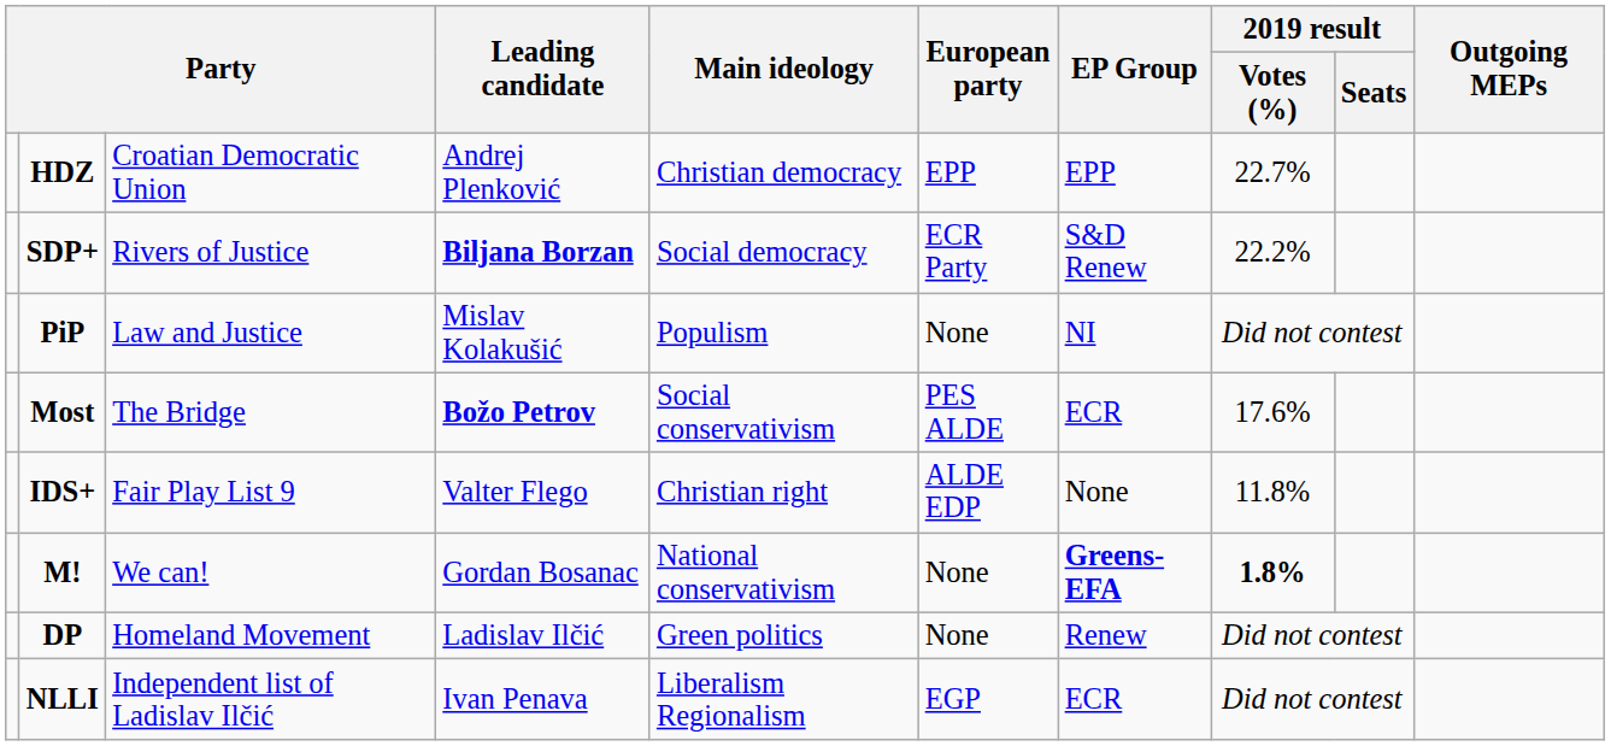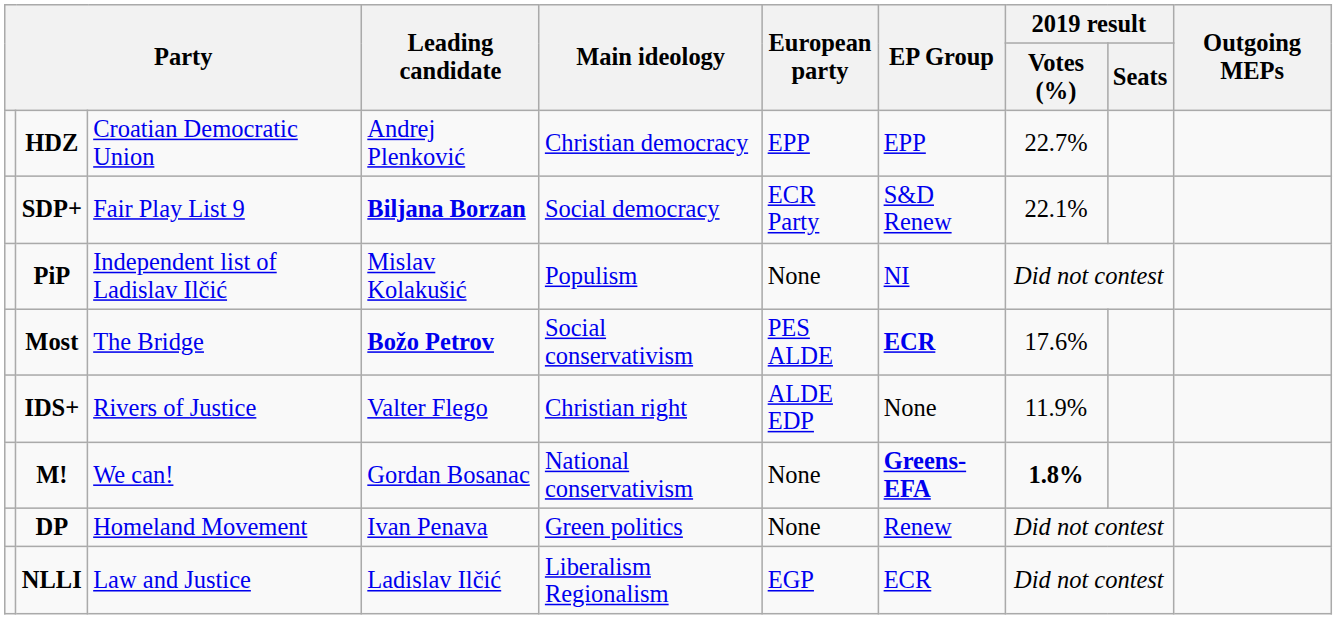 <table class=wikitable style=text-align:left>
 <tr>
 <th rowspan="2" colspan="3">Party</th>
 <th rowspan="2">Leading candidate</th>
 <th rowspan="2">Main ideology</th>
 <th rowspan="2">European<br>party</th>
 <th rowspan="2">EP Group</th>
 <th colspan="2">2019 result</th>
 <th rowspan="2">Outgoing MEPs</th>
 </tr>
 <tr>
 <th>Votes (%)</th>
 <th>Seats</th>
 </tr>
 <tr>
 <td style="background:"></td>
 <td style="text-align:center;"><strong>HDZ</strong></td>
 <td><a href='#'>Croatian Democratic Union</a></td>
 <td><a href='#'>Andrej Plenković</a></td>
 <td><a href='#'>Christian democracy</a></td>
 <td><a href='#'>EPP</a></td>
 <td><a href='#'>EPP</a></td>
 <td style="text-align:center;">22.7%</td>
 <td></td>
 <td></td>
 </tr>
 <tr>
 <td style="background:"></td>
 <td style="text-align:center;"><strong>SDP+</strong></td>
-<td><a href='#'>Rivers of Justice</a><br></td>
+<td><a href='#'>Fair Play List 9</a><br></td>
 <td><strong><a href='#'>Biljana Borzan</a></strong></td>
 <td><a href='#'>Social democracy</a></td>
 <td><a href='#'>ECR Party</a></td>
 <td><a href='#'>S&D</a><br><a href='#'>Renew</a></td>
-<td style="text-align:center;">22.2%</td>
+<td style="text-align:center;">22.1%</td>
 <td></td>
 <td></td>
 </tr>
 <tr>
 <td style="background:"></td>
 <td style="text-align:center;"><strong>PiP</strong></td>
-<td><a href='#'>Law and Justice</a></td>
+<td><a href='#'>Independent list of Ladislav Ilčić</a></td>
 <td><a href='#'>Mislav Kolakušić</a></td>
 <td><a href='#'>Populism</a></td>
 <td>None</td>
 <td><a href='#'>NI</a></td>
 <td colspan="2" align="center"><em>Did not contest</em></td>
 <td></td>
 </tr>
 <tr>
 <td style="background:"></td>
 <td style="text-align:center;"><strong>Most</strong></td>
 <td><a href='#'>The Bridge</a><br></td>
 <td><strong><a href='#'>Božo Petrov</a></strong></td>
 <td><a href='#'>Social conservativism</a></td>
 <td><a href='#'>PES</a><br><a href='#'>ALDE</a></td>
-<td><a href='#'>ECR</a></td>
+<td><strong><a href='#'>ECR</a></strong></td>
 <td style="text-align:center;">17.6%</td>
 <td></td>
 <td></td>
 </tr>
 <tr>
 <td style="background:"></td>
 <td style="text-align:center;"><strong>IDS+</strong></td>
-<td><a href='#'>Fair Play List 9</a><br></td>
+<td><a href='#'>Rivers of Justice</a><br></td>
 <td><a href='#'>Valter Flego</a></td>
 <td><a href='#'>Christian right</a></td>
 <td><a href='#'>ALDE</a><br><a href='#'>EDP</a></td>
 <td>None</td>
-<td style="text-align:center;">11.8%</td>
+<td style="text-align:center;">11.9%</td>
 <td></td>
 <td></td>
 </tr>
 <tr>
 <td style="background:"></td>
 <td style="text-align:center;"><strong>M!</strong></td>
 <td><a href='#'>We can!</a></td>
 <td><a href='#'>Gordan Bosanac</a></td>
 <td><a href='#'>National conservativism</a></td>
 <td>None</td>
 <td><strong><a href='#'>Greens-EFA</a></strong></td>
 <td style="text-align:center;"><strong>1.8%</strong></td>
 <td></td>
 <td></td>
 </tr>
 <tr>
 <td style="background:"></td>
 <td style="text-align:center;"><strong>DP</strong></td>
 <td><a href='#'>Homeland Movement</a></td>
-<td><a href='#'>Ladislav Ilčić</a></td>
+<td><a href='#'>Ivan Penava</a></td>
 <td><a href='#'>Green politics</a></td>
 <td>None</td>
 <td><a href='#'>Renew</a></td>
 <td colspan="2" align="center"><em>Did not contest</em></td>
 <td></td>
 </tr>
 <tr>
 <td style="background:"></td>
 <td style="text-align:center;"><strong>NLLI</strong></td>
-<td><a href='#'>Independent list of Ladislav Ilčić</a></td>
-<td><a href='#'>Ivan Penava</a></td>
+<td><a href='#'>Law and Justice</a></td>
+<td><a href='#'>Ladislav Ilčić</a></td>
 <td><a href='#'>Liberalism</a><br><a href='#'>Regionalism</a></td>
 <td><a href='#'>EGP</a></td>
 <td><a href='#'>ECR</a></td>
 <td colspan="2" align="center"><em>Did not contest</em></td>
 <td></td>
 </tr>
 </table>
